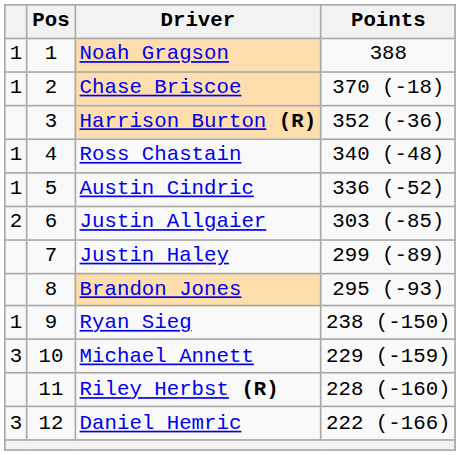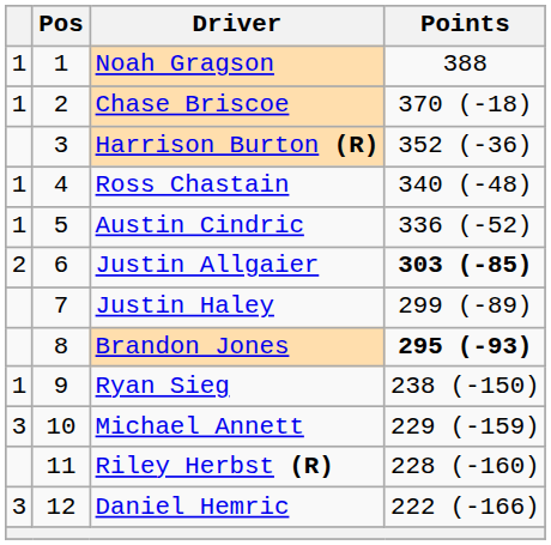 <table class="wikitable" style="font-size: 95%;">
 <tr>
 <th></th>
 <th>Pos</th>
 <th>Driver</th>
 <th>Points</th>
 </tr>
 <tr>
 <td align="left"> 1</td>
 <td style="text-align:center;">1</td>
 <td style="background:#FFDEAD;"><a href='#'>Noah Gragson</a></td>
 <td style="text-align:center;">388</td>
 </tr>
 <tr>
 <td align="left"> 1</td>
 <td style="text-align:center;">2</td>
 <td style="background:#FFDEAD;"><a href='#'>Chase Briscoe</a></td>
 <td style="text-align:center;">370 (-18)</td>
 </tr>
 <tr>
 <td align="left"></td>
 <td style="text-align:center;">3</td>
 <td style="background:#FFDEAD;"><a href='#'>Harrison Burton</a> <strong>(R)</strong></td>
 <td style="text-align:center;">352 (-36)</td>
 </tr>
 <tr>
 <td align="left"> 1</td>
 <td style="text-align:center;">4</td>
 <td><a href='#'>Ross Chastain</a></td>
 <td style="text-align:center;">340 (-48)</td>
 </tr>
 <tr>
 <td align="left"> 1</td>
 <td style="text-align:center;">5</td>
 <td><a href='#'>Austin Cindric</a></td>
 <td style="text-align:center;">336 (-52)</td>
 </tr>
 <tr>
 <td align="left"> 2</td>
 <td style="text-align:center;">6</td>
 <td><a href='#'>Justin Allgaier</a></td>
-<td style="text-align:center;">303 (-85)</td>
+<td style="text-align:center;"><strong>303 (-85)</strong></td>
 </tr>
 <tr>
 <td align="left"></td>
 <td style="text-align:center;">7</td>
 <td><a href='#'>Justin Haley</a></td>
 <td style="text-align:center;">299 (-89)</td>
 </tr>
 <tr>
 <td align="left"></td>
 <td style="text-align:center;">8</td>
 <td style="background:#FFDEAD;"><a href='#'>Brandon Jones</a></td>
-<td style="text-align:center;">295 (-93)</td>
+<td style="text-align:center;"><strong>295 (-93)</strong></td>
 </tr>
 <tr>
 <td align="left"> 1</td>
 <td style="text-align:center;">9</td>
 <td><a href='#'>Ryan Sieg</a></td>
 <td style="text-align:center;">238 (-150)</td>
 </tr>
 <tr>
 <td align="left"> 3</td>
 <td style="text-align:center;">10</td>
 <td><a href='#'>Michael Annett</a></td>
 <td style="text-align:center;">229 (-159)</td>
 </tr>
 <tr>
 <td align="left"></td>
 <td style="text-align:center;">11</td>
 <td><a href='#'>Riley Herbst</a> <strong>(R)</strong></td>
 <td style="text-align:center;">228 (-160)</td>
 </tr>
 <tr>
 <td align="left"> 3</td>
 <td style="text-align:center;">12</td>
 <td><a href='#'>Daniel Hemric</a></td>
 <td style="text-align:center;">222 (-166)</td>
 </tr>
 <tr class="sortbottom">
 <th colspan="4"></th>
 </tr>
 </table>
